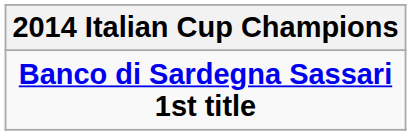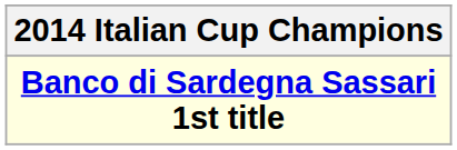 <table class=wikitable style="text-align:center; margin:auto">
 <tr>
 <th>2014 Italian Cup Champions</th>
 </tr>
 <tr>
-<td><strong><a href='#'>Banco di Sardegna Sassari</a></strong> <br> <strong>1st title</strong></td>
+<td style="background: lightyellow;"><strong><a href='#'>Banco di Sardegna Sassari</a></strong> <br> <strong>1st title</strong></td>
 </tr>
 </table>
